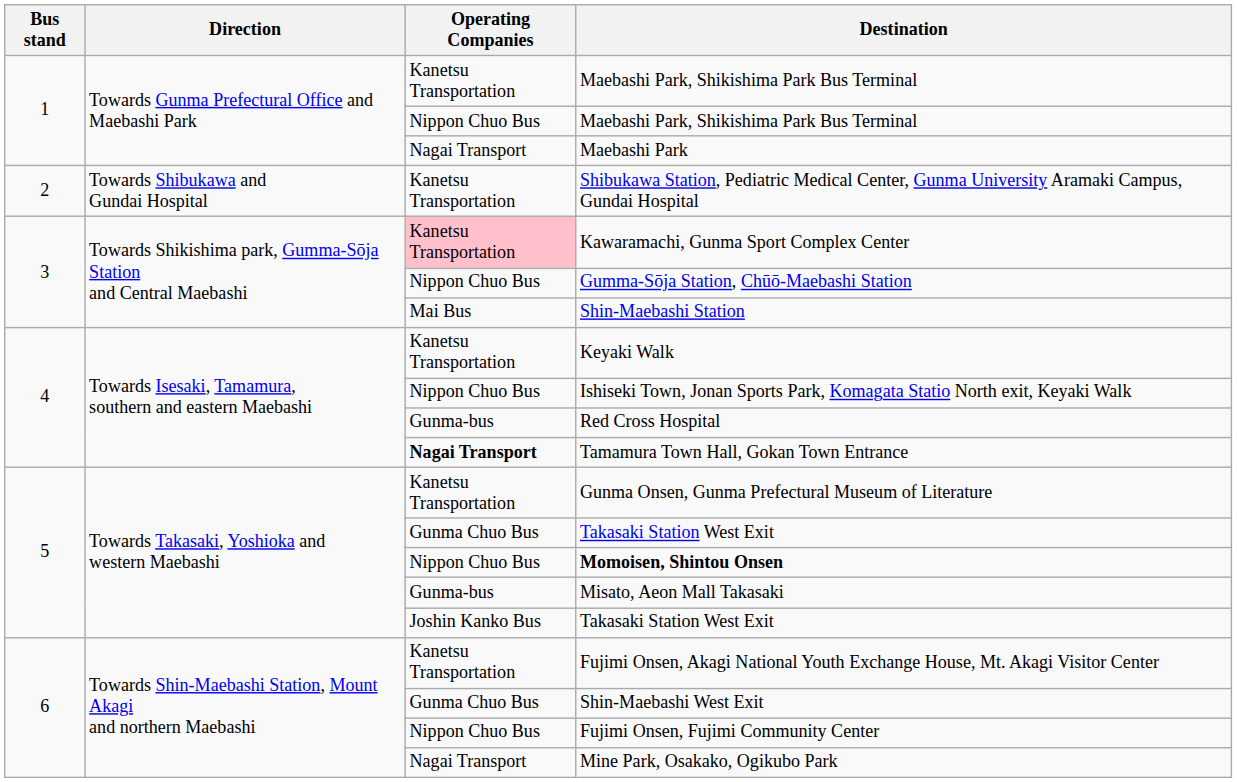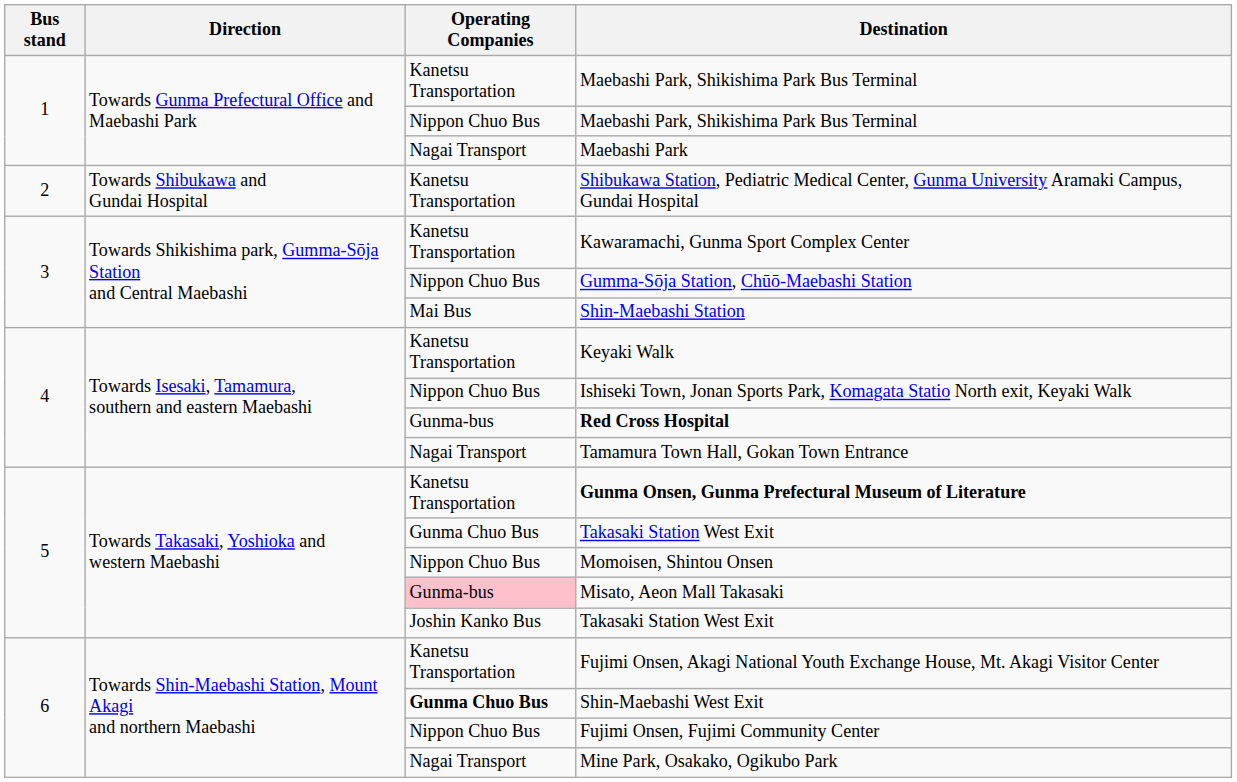 <table class="wikitable" style="font-size:80%;">
 <tr>
 <th>Bus stand</th>
 <th>Direction</th>
 <th>Operating Companies</th>
 <th>Destination</th>
 </tr>
 <tr>
 <td rowspan="3" style="text-align:center;">1</td>
 <td rowspan="3">Towards <a href='#'>Gunma Prefectural Office</a> and<br>Maebashi Park</td>
 <td>Kanetsu Transportation</td>
 <td>Maebashi Park, Shikishima Park Bus Terminal</td>
 </tr>
 <tr>
 <td>Nippon Chuo Bus</td>
 <td>Maebashi Park, Shikishima Park Bus Terminal</td>
 </tr>
 <tr>
 <td>Nagai Transport</td>
 <td>Maebashi Park</td>
 </tr>
 <tr>
 <td style="text-align:center;">2</td>
 <td>Towards <a href='#'>Shibukawa</a> and<br>Gundai Hospital</td>
 <td>Kanetsu Transportation</td>
 <td><a href='#'>Shibukawa Station</a>, Pediatric Medical Center, <a href='#'>Gunma University</a> Aramaki Campus, Gundai Hospital</td>
 </tr>
 <tr>
 <td rowspan="3" style="text-align:center;">3</td>
 <td rowspan="3">Towards Shikishima park, <a href='#'>Gumma-Sōja Station</a><br>and Central Maebashi</td>
-<td style="background: pink;">Kanetsu Transportation</td>
+<td>Kanetsu Transportation</td>
 <td>Kawaramachi, Gunma Sport Complex Center</td>
 </tr>
 <tr>
 <td>Nippon Chuo Bus</td>
 <td><a href='#'>Gumma-Sōja Station</a>, <a href='#'>Chūō-Maebashi Station</a></td>
 </tr>
 <tr>
 <td>Mai Bus</td>
 <td><a href='#'>Shin-Maebashi Station</a></td>
 </tr>
 <tr>
 <td rowspan="4" style="text-align:center;">4</td>
 <td rowspan="4">Towards <a href='#'>Isesaki</a>, <a href='#'>Tamamura</a>,<br>southern and eastern Maebashi</td>
 <td>Kanetsu Transportation</td>
 <td>Keyaki Walk</td>
 </tr>
 <tr>
 <td>Nippon Chuo Bus</td>
 <td>Ishiseki Town, Jonan Sports Park, <a href='#'>Komagata Statio</a>  North exit, Keyaki Walk</td>
 </tr>
 <tr>
 <td>Gunma-bus</td>
-<td>Red Cross Hospital</td>
+<td><strong>Red Cross Hospital</strong></td>
 </tr>
 <tr>
-<td><strong>Nagai Transport</strong></td>
+<td>Nagai Transport</td>
 <td>Tamamura Town Hall, Gokan Town Entrance</td>
 </tr>
 <tr>
 <td rowspan="5" style="text-align:center;">5</td>
 <td rowspan="5">Towards <a href='#'>Takasaki</a>, <a href='#'>Yoshioka</a> and<br>western Maebashi</td>
 <td>Kanetsu Transportation</td>
-<td>Gunma Onsen, Gunma Prefectural Museum of Literature</td>
+<td><strong>Gunma Onsen, Gunma Prefectural Museum of Literature</strong></td>
 </tr>
 <tr>
 <td>Gunma Chuo Bus</td>
 <td><a href='#'>Takasaki Station</a> West Exit</td>
 </tr>
 <tr>
 <td>Nippon Chuo Bus</td>
-<td><strong>Momoisen, Shintou Onsen</strong></td>
+<td>Momoisen, Shintou Onsen</td>
 </tr>
 <tr>
-<td>Gunma-bus</td>
+<td style="background: pink;">Gunma-bus</td>
 <td>Misato, Aeon Mall Takasaki</td>
 </tr>
 <tr>
 <td>Joshin Kanko Bus</td>
 <td>Takasaki Station West Exit</td>
 </tr>
 <tr>
 <td rowspan="4" style="text-align:center;">6</td>
 <td rowspan="4">Towards <a href='#'>Shin-Maebashi Station</a>, <a href='#'>Mount Akagi</a><br>and northern Maebashi</td>
 <td>Kanetsu Transportation</td>
 <td>Fujimi Onsen, Akagi National Youth Exchange House, Mt. Akagi Visitor Center</td>
 </tr>
 <tr>
-<td>Gunma Chuo Bus</td>
+<td><strong>Gunma Chuo Bus</strong></td>
 <td>Shin-Maebashi West Exit</td>
 </tr>
 <tr>
 <td>Nippon Chuo Bus</td>
 <td>Fujimi Onsen, Fujimi Community Center</td>
 </tr>
 <tr>
 <td>Nagai Transport</td>
 <td>Mine Park, Osakako, Ogikubo Park</td>
 </tr>
 </table>
